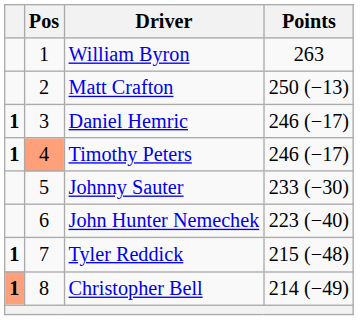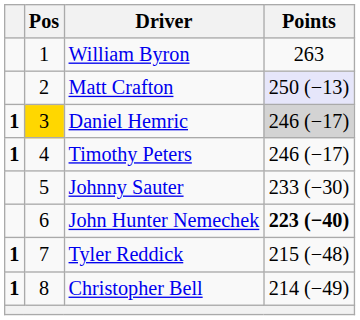 <table class="wikitable" style="font-size: 95%;">
 <tr>
 <th></th>
 <th>Pos</th>
 <th>Driver</th>
 <th>Points</th>
 </tr>
 <tr>
 <td align="left"></td>
 <td style="text-align:center;">1</td>
 <td><a href='#'>William Byron</a></td>
 <td style="text-align:center;">263</td>
 </tr>
 <tr>
 <td align="left"></td>
 <td style="text-align:center;">2</td>
 <td><a href='#'>Matt Crafton</a></td>
-<td style="text-align:center;">250 (−13)</td>
+<td style="background: lavender; text-align:center;">250 (−13)</td>
 </tr>
 <tr>
 <td align="left"> <strong>1</strong></td>
-<td style="text-align:center;">3</td>
+<td style="background: gold; text-align:center;">3</td>
 <td><a href='#'>Daniel Hemric</a></td>
-<td style="text-align:center;">246 (−17)</td>
+<td style="background: lightgrey; text-align:center;">246 (−17)</td>
 </tr>
 <tr>
 <td align="left"> <strong>1</strong></td>
-<td style="background: lightsalmon; text-align:center;">4</td>
+<td style="text-align:center;">4</td>
 <td><a href='#'>Timothy Peters</a></td>
 <td style="text-align:center;">246 (−17)</td>
 </tr>
 <tr>
 <td align="left"></td>
 <td style="text-align:center;">5</td>
 <td><a href='#'>Johnny Sauter</a></td>
 <td style="text-align:center;">233 (−30)</td>
 </tr>
 <tr>
 <td align="left"></td>
 <td style="text-align:center;">6</td>
 <td><a href='#'>John Hunter Nemechek</a></td>
-<td style="text-align:center;">223 (−40)</td>
+<td style="text-align:center;"><strong>223 (−40)</strong></td>
 </tr>
 <tr>
 <td align="left"> <strong>1</strong></td>
 <td style="text-align:center;">7</td>
 <td><a href='#'>Tyler Reddick</a></td>
 <td style="text-align:center;">215 (−48)</td>
 </tr>
 <tr>
-<td align="left" style="background: lightsalmon;"> <strong>1</strong></td>
+<td align="left"> <strong>1</strong></td>
 <td style="text-align:center;">8</td>
 <td><a href='#'>Christopher Bell</a></td>
 <td style="text-align:center;">214 (−49)</td>
 </tr>
 <tr class="sortbottom">
 <th colspan="9"></th>
 </tr>
 </table>
